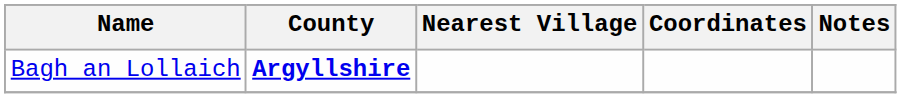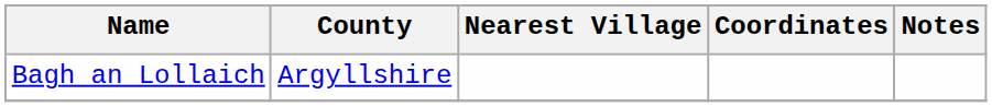 <table class="wikitable sortable" style="table-layout:fixed;background-color:#FEFEFE;font-size:95%;padding:0.30em;line-height:1.35em;">
 <tr>
 <th scope="col">Name</th>
 <th scope="col">County</th>
 <th scope="col">Nearest Village</th>
 <th scope="col" data-sort-type="number">Coordinates</th>
 <th scope="col">Notes</th>
 </tr>
 <tr>
 <td><a href='#'>Bagh an Lollaich</a></td>
-<td><strong><a href='#'>Argyllshire</a></strong></td>
+<td><a href='#'>Argyllshire</a></td>
 <td></td>
 <td></td>
 <td></td>
 </tr>
 <tr>
 </tr>
 </table>
